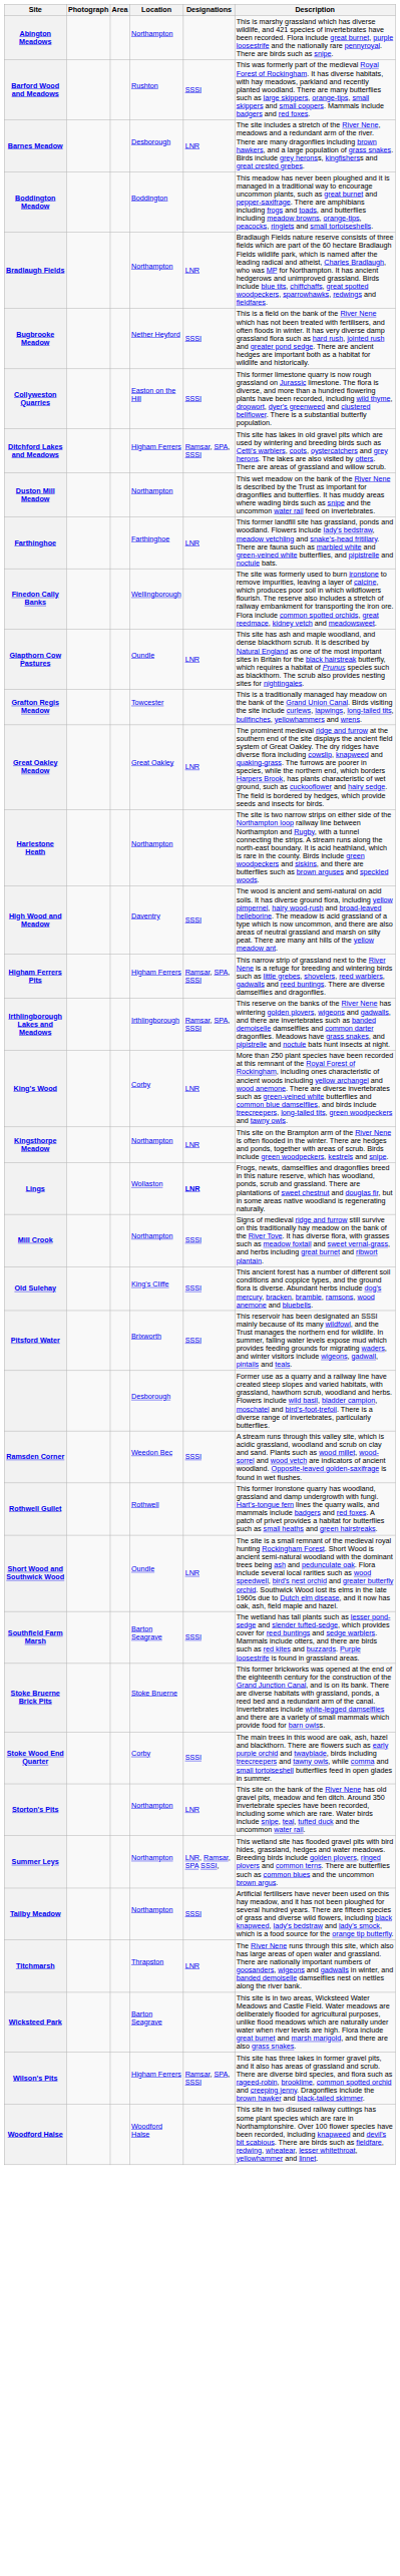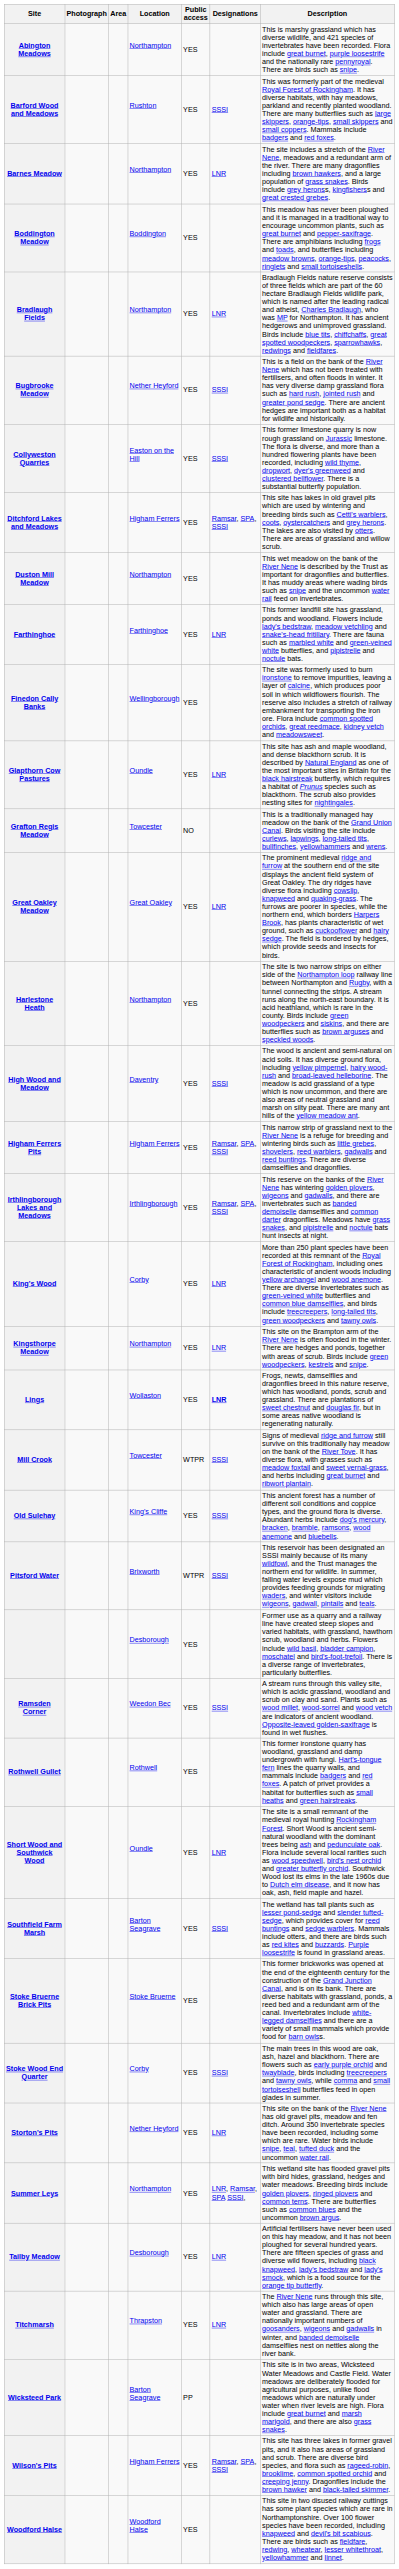 <table class="wikitable sortable plainrowheaders">
 <tr>
 <th scope="col">Site</th>
 <th scope="col" class="unsortable">Photograph</th>
 <th scope="col" data-sort-type="number">Area</th>
 <th scope="col">Location</th>
+<th scope="col">Public access</th>
 <th scope="col">Designations</th>
 <th scope="col" class="unsortable">Description</th>
 </tr>
 <tr>
 <th scope="row"><a href='#'>Abington Meadows</a></th>
 <td></td>
 <td></td>
 <td><a href='#'>Northampton</a><br><br></td>
+<td>YES</td>
 <td></td>
 <td>This is marshy grassland which has diverse wildlife, and 421 species of invertebrates have been recorded. Flora include <a href='#'>great burnet</a>, <a href='#'>purple loosestrife</a> and the nationally rare <a href='#'>pennyroyal</a>. There are birds such as <a href='#'>snipe</a>.</td>
 </tr>
 <tr>
 <th scope="row"><a href='#'>Barford Wood and Meadows</a></th>
 <td></td>
 <td></td>
 <td><a href='#'>Rushton</a><br><br></td>
+<td>YES</td>
 <td><a href='#'>SSSI</a></td>
 <td>This was formerly part of the medieval <a href='#'>Royal Forest of Rockingham</a>. It has diverse habitats, with hay meadows, parkland and recently planted woodland. There are many butterflies such as <a href='#'>large skippers</a>, <a href='#'>orange-tips</a>, <a href='#'>small skippers</a> and <a href='#'>small coppers</a>. Mammals include <a href='#'>badgers</a> and <a href='#'>red foxes</a>.</td>
 </tr>
 <tr>
 <th scope="row"><a href='#'>Barnes Meadow</a></th>
 <td></td>
 <td></td>
-<td><a href='#'>Desborough</a><br><br></td>
+<td><a href='#'>Northampton</a><br><br></td>
+<td>YES</td>
 <td><a href='#'>LNR</a></td>
 <td>The site includes a stretch of the <a href='#'>River Nene</a>, meadows and a redundant arm of the river. There are many dragonflies including <a href='#'>brown hawkers</a>, and a large population of <a href='#'>grass snakes</a>. Birds include <a href='#'>grey herons</a>s, <a href='#'>kingfishers</a>s and <a href='#'>great crested grebes</a>.</td>
 </tr>
 <tr>
 <th scope="row"><a href='#'>Boddington Meadow</a></th>
 <td></td>
 <td></td>
 <td><a href='#'>Boddington</a><br><br></td>
+<td>YES</td>
 <td></td>
 <td>This meadow has never been ploughed and it is managed in a traditional way to encourage uncommon plants, such as <a href='#'>great burnet</a> and <a href='#'>pepper-saxifrage</a>. There are amphibians including <a href='#'>frogs</a> and <a href='#'>toads</a>, and butterflies including <a href='#'>meadow browns</a>, <a href='#'>orange-tips</a>, <a href='#'>peacocks</a>, <a href='#'>ringlets</a> and <a href='#'>small tortoiseshells</a>.</td>
 </tr>
 <tr>
 <th scope="row"><a href='#'>Bradlaugh Fields</a></th>
 <td></td>
 <td></td>
 <td><a href='#'>Northampton</a><br><br></td>
+<td>YES</td>
 <td><a href='#'>LNR</a></td>
 <td>Bradlaugh Fields nature reserve consists of three fields which are part of the 60 hectare Bradlaugh Fields wildlife park, which is named after the leading radical and atheist, <a href='#'>Charles Bradlaugh</a>, who was <a href='#'>MP</a> for Northampton. It has ancient hedgerows and unimproved grassland. Birds include <a href='#'>blue tits</a>, <a href='#'>chiffchaffs</a>, <a href='#'>great spotted woodpeckers</a>, <a href='#'>sparrowhawks</a>, <a href='#'>redwings</a> and <a href='#'>fieldfares</a>.</td>
 </tr>
 <tr>
 <th scope="row"><a href='#'>Bugbrooke Meadow</a></th>
 <td></td>
 <td></td>
 <td><a href='#'>Nether Heyford</a><br><br></td>
+<td>YES</td>
 <td><a href='#'>SSSI</a></td>
 <td>This is a field on the bank of the <a href='#'>River Nene</a> which has not been treated with fertilisers, and often floods in winter. It has very diverse damp grassland flora such as <a href='#'>hard rush</a>, <a href='#'>jointed rush</a> and <a href='#'>greater pond sedge</a>. There are ancient hedges are important both as a habitat for wildlife and historically.</td>
 </tr>
 <tr>
 <th scope="row"><a href='#'>Collyweston Quarries</a></th>
 <td></td>
 <td></td>
 <td><a href='#'>Easton on the Hill</a><br><br></td>
+<td>YES</td>
 <td><a href='#'>SSSI</a></td>
 <td>This former limestone quarry is now rough grassland on <a href='#'>Jurassic</a> limestone. The flora is diverse, and more than a hundred flowering plants have been recorded, including <a href='#'>wild thyme</a>, <a href='#'>dropwort</a>, <a href='#'>dyer's greenweed</a> and <a href='#'>clustered bellflower</a>. There is a substantial butterfly population.</td>
 </tr>
 <tr>
 <th scope="row"><a href='#'>Ditchford Lakes and Meadows</a></th>
 <td></td>
 <td></td>
 <td><a href='#'>Higham Ferrers</a><br><br></td>
+<td>YES</td>
 <td><a href='#'>Ramsar</a>, <a href='#'>SPA</a>, <a href='#'>SSSI</a></td>
 <td>This site has lakes in old gravel pits which are used by wintering and breeding birds such as <a href='#'>Cetti's warblers</a>, <a href='#'>coots</a>, <a href='#'>oystercatchers</a> and <a href='#'>grey herons</a>. The lakes are also visited by <a href='#'>otters</a>. There are areas of grassland and willow scrub.</td>
 </tr>
 <tr>
 <th scope="row"><a href='#'>Duston Mill Meadow</a></th>
 <td></td>
 <td></td>
 <td><a href='#'>Northampton</a><br><br></td>
+<td>YES</td>
 <td></td>
 <td>This wet meadow on the bank of the <a href='#'>River Nene</a> is described by the Trust as important for dragonflies and butterflies. It has muddy areas where wading birds such as <a href='#'>snipe</a> and the uncommon <a href='#'>water rail</a> feed on invertebrates.</td>
 </tr>
 <tr>
 <th scope="row"><a href='#'>Farthinghoe</a></th>
 <td></td>
 <td></td>
 <td><a href='#'>Farthinghoe</a><br><br></td>
+<td>YES</td>
 <td><a href='#'>LNR</a></td>
 <td>This former landfill site has grassland, ponds and woodland. Flowers include <a href='#'>lady's bedstraw</a>, <a href='#'>meadow vetchling</a> and <a href='#'>snake's-head fritillary</a>. There are fauna such as <a href='#'>marbled white</a> and <a href='#'>green-veined white</a> butterflies, and <a href='#'>pipistrelle</a> and <a href='#'>noctule</a> bats.</td>
 </tr>
 <tr>
 <th scope="row"><a href='#'>Finedon Cally Banks</a></th>
 <td></td>
 <td></td>
 <td><a href='#'>Wellingborough</a><br><br></td>
+<td>YES</td>
 <td></td>
 <td>The site was formerly used to burn <a href='#'>ironstone</a> to remove impurities, leaving a layer of <a href='#'>calcine</a>, which produces poor soil in which wildflowers flourish. The reserve also includes a stretch of railway embankment for transporting the iron ore. Flora include <a href='#'>common spotted orchids</a>, <a href='#'>great reedmace</a>, <a href='#'>kidney vetch</a> and <a href='#'>meadowsweet</a>.</td>
 </tr>
 <tr>
 <th scope="row"><a href='#'>Glapthorn Cow Pastures</a></th>
 <td></td>
 <td></td>
 <td><a href='#'>Oundle</a><br><br></td>
+<td>YES</td>
 <td><a href='#'>LNR</a></td>
 <td>This site has ash and maple woodland, and dense blackthorn scrub. It is described by <a href='#'>Natural England</a> as one of the most important sites in Britain for the <a href='#'>black hairstreak</a> butterfly, which requires a habitat of <em><a href='#'>Prunus</a></em> species such as blackthorn. The scrub also provides nesting sites for <a href='#'>nightingales</a>.</td>
 </tr>
 <tr>
 <th scope="row"><a href='#'>Grafton Regis Meadow</a></th>
 <td></td>
 <td></td>
 <td><a href='#'>Towcester</a><br><br></td>
+<td>NO</td>
 <td></td>
 <td>This is a traditionally managed hay meadow on the bank of the <a href='#'>Grand Union Canal</a>. Birds visiting the site include <a href='#'>curlews</a>, <a href='#'>lapwings</a>, <a href='#'>long-tailed tits</a>, <a href='#'>bullfinches</a>, <a href='#'>yellowhammers</a> and <a href='#'>wrens</a>.</td>
 </tr>
 <tr>
 <th scope="row"><a href='#'>Great Oakley Meadow</a></th>
 <td></td>
 <td></td>
 <td><a href='#'>Great Oakley</a><br><br></td>
+<td>YES</td>
 <td><a href='#'>LNR</a></td>
 <td>The prominent medieval <a href='#'>ridge and furrow</a> at the southern end of the site displays the ancient field system of Great Oakley. The dry ridges have diverse flora including <a href='#'>cowslip</a>, <a href='#'>knapweed</a> and <a href='#'>quaking-grass</a>. The furrows are poorer in species, while the northern end, which borders <a href='#'>Harpers Brook</a>, has plants characteristic of wet ground, such as <a href='#'>cuckooflower</a> and <a href='#'>hairy sedge</a>. The field is bordered by hedges, which provide seeds and insects for birds.</td>
 </tr>
 <tr>
 <th scope="row"><a href='#'>Harlestone Heath</a></th>
 <td></td>
 <td></td>
 <td><a href='#'>Northampton</a><br><br></td>
+<td>YES</td>
 <td></td>
 <td>The site is two narrow strips on either side of the <a href='#'>Northampton loop</a> railway line between Northampton and <a href='#'>Rugby</a>, with a tunnel connecting the strips. A stream runs along the north-east boundary. It is acid heathland, which is rare in the county. Birds include <a href='#'>green woodpeckers</a> and <a href='#'>siskins</a>, and there are butterflies such as <a href='#'>brown arguses</a> and <a href='#'>speckled woods</a>.</td>
 </tr>
 <tr>
 <th scope="row"><a href='#'>High Wood and Meadow</a></th>
 <td></td>
 <td></td>
 <td><a href='#'>Daventry</a><br><br></td>
+<td>YES</td>
 <td><a href='#'>SSSI</a></td>
 <td>The wood is ancient and semi-natural on acid soils. It has diverse ground flora, including <a href='#'>yellow pimpernel</a>, <a href='#'>hairy wood-rush</a> and <a href='#'>broad-leaved helleborine</a>. The meadow is acid grassland of a type which is now uncommon, and there are also areas of neutral grassland and marsh on silty peat. There are many ant hills of the <a href='#'>yellow meadow ant</a>.</td>
 </tr>
 <tr>
 <th scope="row"><a href='#'>Higham Ferrers Pits</a></th>
 <td></td>
 <td></td>
 <td><a href='#'>Higham Ferrers</a><br><br></td>
+<td>YES</td>
 <td><a href='#'>Ramsar</a>, <a href='#'>SPA</a>, <a href='#'>SSSI</a></td>
 <td>This narrow strip of grassland next to the <a href='#'>River Nene</a> is a refuge for breeding and wintering birds such as <a href='#'>little grebes</a>, <a href='#'>shovelers</a>, <a href='#'>reed warblers</a>, <a href='#'>gadwalls</a> and <a href='#'>reed buntings</a>. There are diverse damselflies and dragonflies.</td>
 </tr>
 <tr>
 <th scope="row"><a href='#'>Irthlingborough Lakes and Meadows</a></th>
 <td></td>
 <td></td>
 <td><a href='#'>Irthlingborough</a><br><br></td>
+<td>YES</td>
 <td><a href='#'>Ramsar</a>, <a href='#'>SPA</a>, <a href='#'>SSSI</a></td>
 <td>This reserve on the banks of the <a href='#'>River Nene</a> has wintering <a href='#'>golden plovers</a>, <a href='#'>wigeons</a> and <a href='#'>gadwalls</a>, and there are invertebrates such as <a href='#'>banded demoiselle</a> damselflies and <a href='#'>common darter</a> dragonflies. Meadows have <a href='#'>grass snakes</a>, and <a href='#'>pipistrelle</a> and <a href='#'>noctule</a> bats hunt insects at night.</td>
 </tr>
 <tr>
 <th scope="row"><a href='#'>King's Wood</a></th>
 <td></td>
 <td></td>
 <td><a href='#'>Corby</a><br><br></td>
+<td>YES</td>
 <td><a href='#'>LNR</a></td>
 <td>More than 250 plant species have been recorded at this remnant of the <a href='#'>Royal Forest of Rockingham</a>, including ones characteristic of ancient woods including <a href='#'>yellow archangel</a> and <a href='#'>wood anemone</a>. There are diverse invertebrates such as <a href='#'>green-veined white</a> butterflies and <a href='#'>common blue damselflies</a>, and birds include <a href='#'>treecreepers</a>, <a href='#'>long-tailed tits</a>, <a href='#'>green woodpeckers</a> and <a href='#'>tawny owls</a>.</td>
 </tr>
 <tr>
 <th scope="row"><a href='#'>Kingsthorpe Meadow</a></th>
 <td></td>
 <td></td>
 <td><a href='#'>Northampton</a><br><br></td>
+<td>YES</td>
 <td><a href='#'>LNR</a></td>
 <td>This site on the Brampton arm of the <a href='#'>River Nene</a> is often flooded in the winter. There are hedges and ponds, together with areas of scrub. Birds include <a href='#'>green woodpeckers</a>, <a href='#'>kestrels</a> and <a href='#'>snipe</a>.</td>
 </tr>
 <tr>
 <th scope="row"><a href='#'>Lings</a></th>
 <td></td>
 <td></td>
 <td><a href='#'>Wollaston</a><br><br></td>
+<td>YES</td>
 <td><strong><a href='#'>LNR</a></strong></td>
 <td>Frogs, newts, damselflies and dragonflies breed in this nature reserve, which has woodland, ponds, scrub and grassland. There are plantations of <a href='#'>sweet chestnut</a> and <a href='#'>douglas fir</a>, but in some areas native woodland is regenerating naturally.</td>
 </tr>
 <tr>
 <th scope="row"><a href='#'>Mill Crook</a></th>
 <td></td>
 <td></td>
-<td><a href='#'>Northampton</a><br><br></td>
+<td><a href='#'>Towcester</a><br><br></td>
+<td>WTPR</td>
 <td><a href='#'>SSSI</a></td>
 <td>Signs of medieval <a href='#'>ridge and furrow</a> still survive on this traditionally hay meadow on the bank of the <a href='#'>River Tove</a>. It has diverse flora, with grasses such as <a href='#'>meadow foxtail</a> and <a href='#'>sweet vernal-grass</a>, and herbs including <a href='#'>great burnet</a> and <a href='#'>ribwort plantain</a>.</td>
 </tr>
 <tr>
 <th scope="row"><a href='#'>Old Sulehay</a></th>
 <td></td>
 <td></td>
 <td><a href='#'>King's Cliffe</a><br><br></td>
+<td>YES</td>
 <td><a href='#'>SSSI</a></td>
 <td>This ancient forest has a number of different soil conditions and coppice types, and the ground flora is diverse. Abundant herbs include <a href='#'>dog's mercury</a>, <a href='#'>bracken</a>, <a href='#'>bramble</a>, <a href='#'>ramsons</a>, <a href='#'>wood anemone</a> and <a href='#'>bluebells</a>.</td>
 </tr>
 <tr>
 <th scope="row"><a href='#'>Pitsford Water</a></th>
 <td></td>
 <td></td>
 <td><a href='#'>Brixworth</a><br><br></td>
+<td>WTPR</td>
 <td><a href='#'>SSSI</a></td>
 <td>This reservoir has been designated an SSSI mainly because of its many <a href='#'>wildfowl</a>, and the Trust manages the northern end for wildlife. In summer, falling water levels expose mud which provides feeding grounds for migrating <a href='#'>waders</a>, and winter visitors include <a href='#'>wigeons</a>, <a href='#'>gadwall</a>, <a href='#'>pintails</a> and <a href='#'>teals</a>.</td>
 </tr>
 <tr>
 <th scope="row"></th>
 <td></td>
 <td></td>
 <td><a href='#'>Desborough</a><br><br></td>
+<td>YES</td>
 <td></td>
 <td>Former use as a quarry and a railway line have created steep slopes and varied habitats, with grassland, hawthorn scrub, woodland and herbs. Flowers include <a href='#'>wild basil</a>, <a href='#'>bladder campion</a>, <a href='#'>moschatel</a> and <a href='#'>bird's-foot-trefoil</a>. There is a diverse range of invertebrates, particularly butterflies.</td>
 </tr>
 <tr>
 <th scope="row"><a href='#'>Ramsden Corner</a></th>
 <td></td>
 <td></td>
 <td><a href='#'>Weedon Bec</a><br><br></td>
+<td>YES</td>
 <td><a href='#'>SSSI</a></td>
 <td>A stream runs through this valley site, which is acidic grassland, woodland and scrub on clay and sand. Plants such as <a href='#'>wood millet</a>, <a href='#'>wood-sorrel</a> and <a href='#'>wood vetch</a> are indicators of ancient woodland. <a href='#'>Opposite-leaved golden-saxifrage</a> is found in wet flushes.</td>
 </tr>
 <tr>
 <th scope="row"><a href='#'>Rothwell Gullet</a></th>
 <td></td>
 <td></td>
 <td><a href='#'>Rothwell</a><br><br></td>
+<td>YES</td>
 <td></td>
 <td>This former ironstone quarry has woodland, grassland and damp undergrowth with fungi. <a href='#'>Hart's-tongue fern</a> lines the quarry walls, and mammals include <a href='#'>badgers</a> and <a href='#'>red foxes</a>. A patch of privet provides a habitat for butterflies such as <a href='#'>small heaths</a> and <a href='#'>green hairstreaks</a>.</td>
 </tr>
 <tr>
 <th scope="row"><a href='#'>Short Wood and Southwick Wood</a></th>
 <td></td>
 <td></td>
 <td><a href='#'>Oundle</a><br><br></td>
+<td>YES</td>
 <td><a href='#'>LNR</a></td>
 <td>The site is a small remnant of the medieval royal hunting <a href='#'>Rockingham Forest</a>. Short Wood is ancient semi-natural woodland with the dominant trees being <a href='#'>ash</a> and <a href='#'>pedunculate oak</a>. Flora include several local rarities such as <a href='#'>wood speedwell</a>, <a href='#'>bird's nest orchid</a> and <a href='#'>greater butterfly orchid</a>. Southwick Wood lost its elms in the late 1960s due to <a href='#'>Dutch elm disease</a>, and it now has oak, ash, field maple and hazel.</td>
 </tr>
 <tr>
 <th scope="row"><a href='#'>Southfield Farm Marsh</a></th>
 <td></td>
 <td></td>
 <td><a href='#'>Barton Seagrave</a><br><br></td>
+<td>YES</td>
 <td><a href='#'>SSSI</a></td>
 <td>The wetland has tall plants such as <a href='#'>lesser pond-sedge</a> and <a href='#'>slender tufted-sedge</a>, which provides cover for <a href='#'>reed buntings</a> and <a href='#'>sedge warblers</a>. Mammals include otters, and there are birds such as <a href='#'>red kites</a> and <a href='#'>buzzards</a>. <a href='#'>Purple loosestrife</a> is found in grassland areas.</td>
 </tr>
 <tr>
 <th scope="row"><a href='#'>Stoke Bruerne Brick Pits</a></th>
 <td></td>
 <td></td>
 <td><a href='#'>Stoke Bruerne</a><br><br></td>
+<td>YES</td>
 <td></td>
 <td>This former brickworks was opened at the end of the eighteenth century for the construction of the <a href='#'>Grand Junction Canal</a>, and is on its bank. There are diverse habitats with grassland, ponds, a reed bed and a redundant arm of the canal. Invertebrates include <a href='#'>white-legged damselflies</a> and there are a variety of small mammals which provide food for <a href='#'>barn owls</a>s.</td>
 </tr>
 <tr>
 <th scope="row"><a href='#'>Stoke Wood End Quarter</a></th>
 <td></td>
 <td></td>
 <td><a href='#'>Corby</a><br><br></td>
+<td>YES</td>
 <td><a href='#'>SSSI</a></td>
 <td>The main trees in this wood are oak, ash, hazel and blackthorn. There are flowers such as <a href='#'>early purple orchid</a> and <a href='#'>twayblade</a>, birds including <a href='#'>treecreepers</a> and <a href='#'>tawny owls</a>, while <a href='#'>comma</a> and <a href='#'>small tortoiseshell</a> butterflies feed in open glades in summer.</td>
 </tr>
 <tr>
 <th scope="row"><a href='#'>Storton's Pits</a></th>
 <td></td>
 <td></td>
-<td><a href='#'>Northampton</a><br><br></td>
+<td><a href='#'>Nether Heyford</a><br><br></td>
+<td>YES</td>
 <td><a href='#'>LNR</a></td>
 <td>This site on the bank of the <a href='#'>River Nene</a> has old gravel pits, meadow and fen ditch. Around 350 invertebrate species have been recorded, including some which are rare. Water birds include <a href='#'>snipe</a>, <a href='#'>teal</a>, <a href='#'>tufted duck</a> and the uncommon <a href='#'>water rail</a>.</td>
 </tr>
 <tr>
 <th scope="row"><a href='#'>Summer Leys</a></th>
 <td></td>
 <td></td>
 <td><a href='#'>Northampton</a><br><br></td>
+<td>YES</td>
 <td><a href='#'>LNR</a>, <a href='#'>Ramsar</a>, <a href='#'>SPA</a> <a href='#'>SSSI</a>,</td>
 <td>This wetland site has flooded gravel pits with bird hides, grassland, hedges and water meadows. Breeding birds include <a href='#'>golden plovers</a>, <a href='#'>ringed plovers</a> and <a href='#'>common terns</a>. There are butterflies such as <a href='#'>common blues</a> and the uncommon <a href='#'>brown argus</a>.</td>
 </tr>
 <tr>
 <th scope="row"><a href='#'>Tailby Meadow</a></th>
 <td></td>
 <td></td>
-<td><a href='#'>Northampton</a><br><br></td>
-<td><a href='#'>SSSI</a></td>
+<td><a href='#'>Desborough</a><br><br></td>
+<td>YES</td>
+<td><a href='#'>LNR</a></td>
 <td>Artificial fertilisers have never been used on this hay meadow, and it has not been ploughed for several hundred years. There are fifteen species of grass and diverse wild flowers, including <a href='#'>black knapweed</a>, <a href='#'>lady's bedstraw</a> and <a href='#'>lady's smock</a>, which is a food source for the <a href='#'>orange tip butterfly</a>.</td>
 </tr>
 <tr>
 <th scope="row"><a href='#'>Titchmarsh</a></th>
 <td></td>
 <td></td>
 <td><a href='#'>Thrapston</a><br><br></td>
+<td>YES</td>
 <td><a href='#'>LNR</a></td>
 <td>The <a href='#'>River Nene</a> runs through this site, which also has large areas of open water and grassland. There are nationally important numbers of <a href='#'>goosanders</a>, <a href='#'>wigeons</a> and <a href='#'>gadwalls</a> in winter, and <a href='#'>banded demoiselle</a> damselflies nest on nettles along the river bank.</td>
 </tr>
 <tr>
 <th scope="row"><a href='#'>Wicksteed Park</a></th>
 <td></td>
 <td></td>
 <td><a href='#'>Barton Seagrave</a><br><br></td>
+<td>PP</td>
 <td></td>
 <td>This site is in two areas, Wicksteed Water Meadows and Castle Field. Water meadows are deliberately flooded for agricultural purposes, unlike flood meadows which are naturally under water when river levels are high. Flora include <a href='#'>great burnet</a> and <a href='#'>marsh marigold</a>, and there are also <a href='#'>grass snakes</a>.</td>
 </tr>
 <tr>
 <th scope="row"><a href='#'>Wilson's Pits</a></th>
 <td></td>
 <td></td>
 <td><a href='#'>Higham Ferrers</a><br><br></td>
+<td>YES</td>
 <td><a href='#'>Ramsar</a>, <a href='#'>SPA</a>, <a href='#'>SSSI</a></td>
 <td>This site has three lakes in former gravel pits, and it also has areas of grassland and scrub. There are diverse bird species, and flora such as <a href='#'>rageed-robin</a>, <a href='#'>brooklime</a>, <a href='#'>common spotted orchid</a> and <a href='#'>creeping jenny</a>. Dragonflies include the <a href='#'>brown hawker</a> and <a href='#'>black-tailed skimmer</a>.</td>
 </tr>
 <tr>
 <th scope="row"><a href='#'>Woodford Halse</a></th>
 <td></td>
 <td></td>
 <td><a href='#'>Woodford Halse</a><br><br></td>
+<td>YES</td>
 <td></td>
 <td>This site in two disused railway cuttings has some plant species which are rare in Northamptonshire. Over 100 flower species have been recorded, including <a href='#'>knapweed</a> and <a href='#'>devil's bit scabious</a>. There are birds such as <a href='#'>fieldfare</a>, <a href='#'>redwing</a>, <a href='#'>wheatear</a>, <a href='#'>lesser whitethroat</a>, <a href='#'>yellowhammer</a> and <a href='#'>linnet</a>.</td>
 </tr>
 </table>
